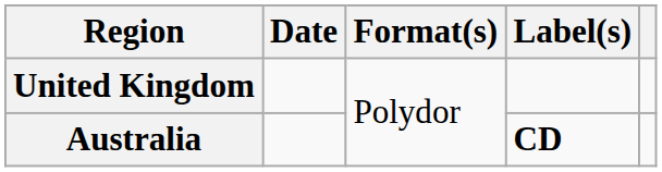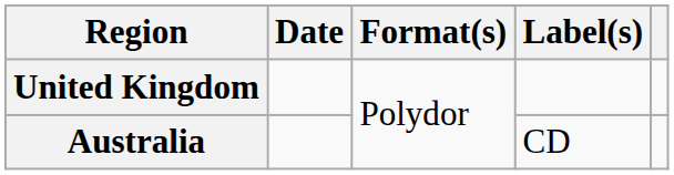 <table class="wikitable plainrowheaders">
 <tr>
 <th scope="col">Region</th>
 <th scope="col">Date</th>
 <th scope="col">Format(s)</th>
 <th scope="col">Label(s)</th>
 <th scope="col"></th>
 </tr>
 <tr>
 <th scope="row">United Kingdom</th>
 <td></td>
 <td rowspan="2">Polydor</td>
 <td></td>
 <td align="center"></td>
 </tr>
 <tr>
 <th scope="row">Australia</th>
 <td></td>
-<td><strong>CD</strong></td>
+<td>CD</td>
 <td align="center"></td>
 </tr>
 </table>
